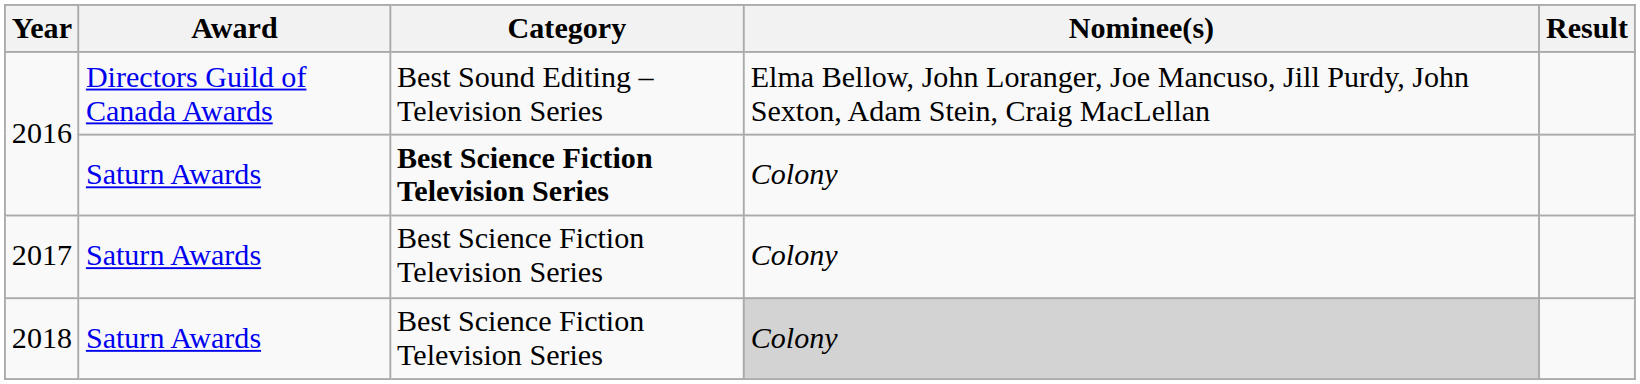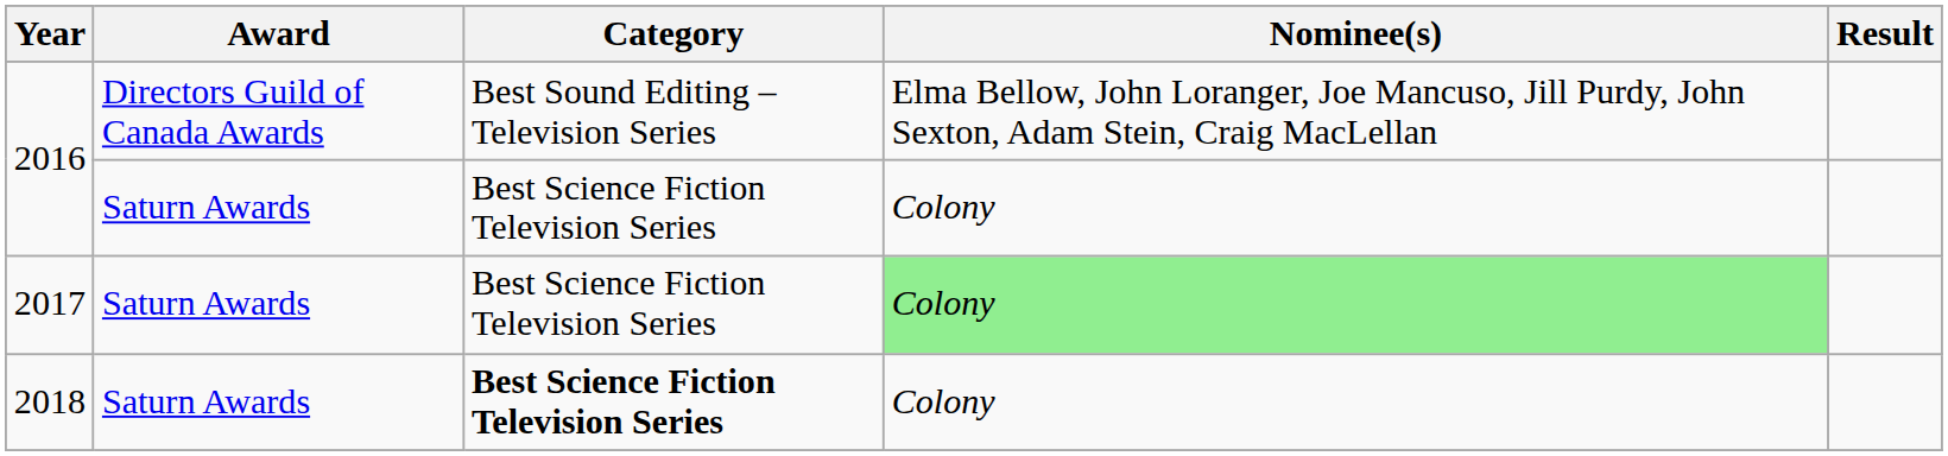 <table class="wikitable sortable">
 <tr>
 <th>Year</th>
 <th>Award</th>
 <th>Category</th>
 <th>Nominee(s)</th>
 <th>Result</th>
 </tr>
 <tr>
 <td rowspan=2>2016</td>
 <td><a href='#'>Directors Guild of Canada Awards</a></td>
 <td>Best Sound Editing – Television Series</td>
 <td>Elma Bellow, John Loranger, Joe Mancuso, Jill Purdy, John Sexton, Adam Stein, Craig MacLellan</td>
 <td></td>
 </tr>
 <tr>
 <td><a href='#'>Saturn Awards</a></td>
-<td><strong>Best Science Fiction Television Series</strong></td>
+<td>Best Science Fiction Television Series</td>
 <td><em>Colony</em></td>
 <td></td>
 </tr>
 <tr>
 <td>2017</td>
 <td><a href='#'>Saturn Awards</a></td>
 <td>Best Science Fiction Television Series</td>
-<td><em>Colony</em></td>
+<td style="background: lightgreen;"><em>Colony</em></td>
 <td></td>
 </tr>
 <tr>
 <td>2018</td>
 <td><a href='#'>Saturn Awards</a></td>
-<td>Best Science Fiction Television Series</td>
-<td style="background: lightgrey;"><em>Colony</em></td>
+<td><strong>Best Science Fiction Television Series</strong></td>
+<td><em>Colony</em></td>
 <td></td>
 </tr>
 </table>
